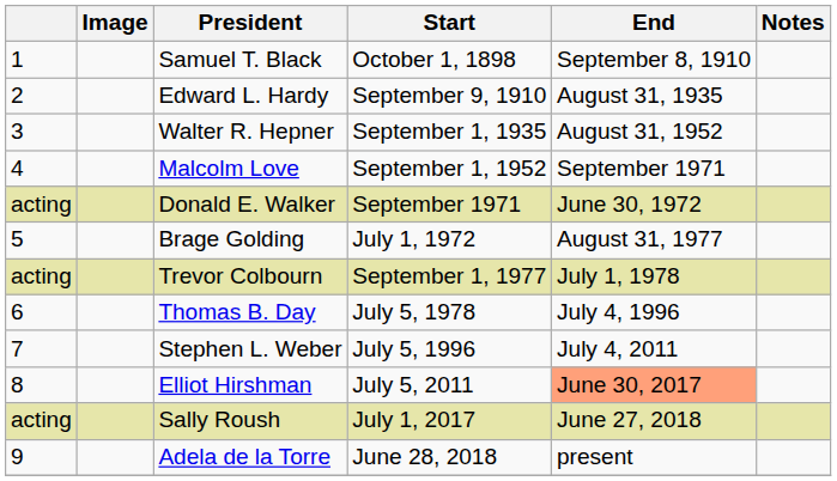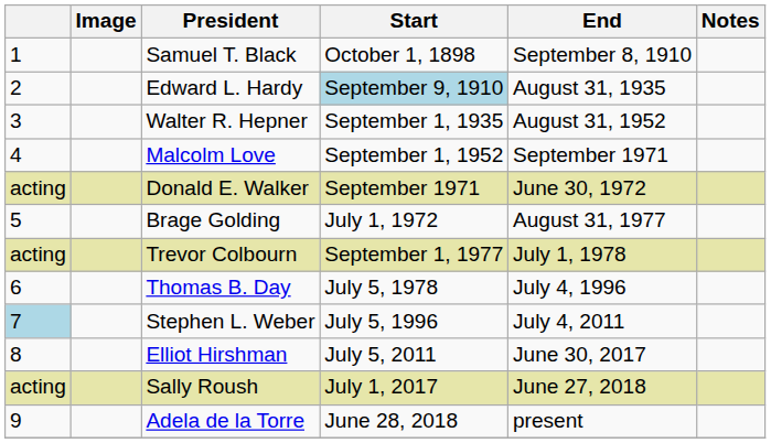 <table class="wikitable">
 <tr>
 <th></th>
 <th>Image</th>
 <th>President</th>
 <th>Start</th>
 <th>End</th>
 <th>Notes</th>
 </tr>
 <tr>
 <td>1</td>
 <td></td>
 <td>Samuel T. Black</td>
 <td>October 1, 1898</td>
 <td>September 8, 1910</td>
 <td></td>
 </tr>
 <tr>
 <td>2</td>
 <td></td>
 <td>Edward L. Hardy</td>
-<td>September 9, 1910</td>
+<td style="background: lightblue;">September 9, 1910</td>
 <td>August 31, 1935</td>
 <td></td>
 </tr>
 <tr>
 <td>3</td>
 <td></td>
 <td>Walter R. Hepner</td>
 <td>September 1, 1935</td>
 <td>August 31, 1952</td>
 <td></td>
 </tr>
 <tr>
 <td>4</td>
 <td></td>
 <td><a href='#'>Malcolm Love</a></td>
 <td>September 1, 1952</td>
 <td>September 1971</td>
 <td></td>
 </tr>
 <tr bgcolor="#e6e6aa">
 <td>acting</td>
 <td></td>
 <td>Donald E. Walker</td>
 <td>September 1971</td>
 <td>June 30, 1972</td>
 <td></td>
 </tr>
 <tr>
 <td>5</td>
 <td></td>
 <td>Brage Golding</td>
 <td>July 1, 1972</td>
 <td>August 31, 1977</td>
 <td></td>
 </tr>
 <tr bgcolor="#e6e6aa">
 <td>acting</td>
 <td></td>
 <td>Trevor Colbourn</td>
 <td>September 1, 1977</td>
 <td>July 1, 1978</td>
 <td></td>
 </tr>
 <tr>
 <td>6</td>
 <td></td>
 <td><a href='#'>Thomas B. Day</a></td>
 <td>July 5, 1978</td>
 <td>July 4, 1996</td>
 <td></td>
 </tr>
 <tr>
-<td>7</td>
+<td style="background: lightblue;">7</td>
 <td></td>
 <td>Stephen L. Weber</td>
 <td>July 5, 1996</td>
 <td>July 4, 2011</td>
 <td></td>
 </tr>
 <tr>
 <td>8</td>
 <td></td>
 <td><a href='#'>Elliot Hirshman</a></td>
 <td>July 5, 2011</td>
-<td style="background: lightsalmon;">June 30, 2017</td>
+<td>June 30, 2017</td>
 <td></td>
 </tr>
 <tr bgcolor="#e6e6aa">
 <td>acting</td>
 <td></td>
 <td>Sally Roush</td>
 <td>July 1, 2017</td>
 <td>June 27, 2018</td>
 <td></td>
 </tr>
 <tr>
 <td>9</td>
 <td></td>
 <td><a href='#'>Adela de la Torre</a></td>
 <td>June 28, 2018</td>
 <td>present</td>
 <td></td>
 </tr>
 <tr>
 </tr>
 </table>
